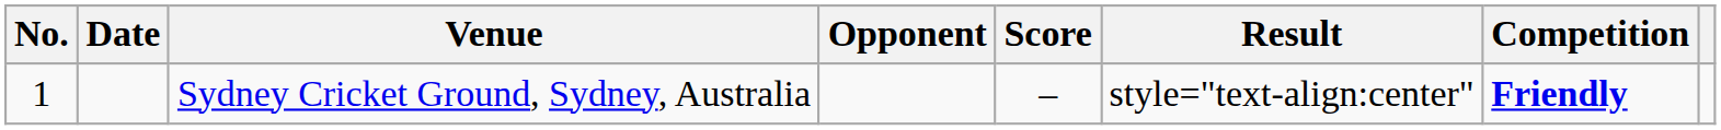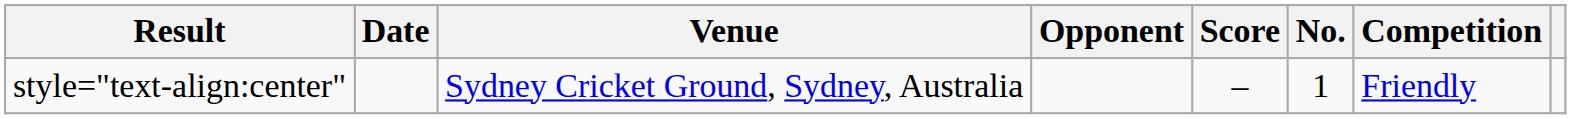 <table class="wikitable sortable">
 <tr>
-<th scope="col">No.</th>
+<th scope="col">Result</th>
 <th scope="col">Date</th>
 <th scope="col">Venue</th>
 <th scope="col">Opponent</th>
 <th scope="col">Score</th>
-<th scope="col">Result</th>
+<th scope="col">No.</th>
 <th scope="col">Competition</th>
 <th scope="col" class="unsortable"></th>
 </tr>
 <tr>
-<td style="text-align:center">1</td>
+<td>style="text-align:center" </td>
 <td></td>
 <td><a href='#'>Sydney Cricket Ground</a>, <a href='#'>Sydney</a>, Australia</td>
 <td></td>
 <td style="text-align:center">–</td>
-<td>style="text-align:center" </td>
-<td><strong><a href='#'>Friendly</a></strong></td>
+<td style="text-align:center">1</td>
+<td><a href='#'>Friendly</a></td>
 <td></td>
 </tr>
 </table>
